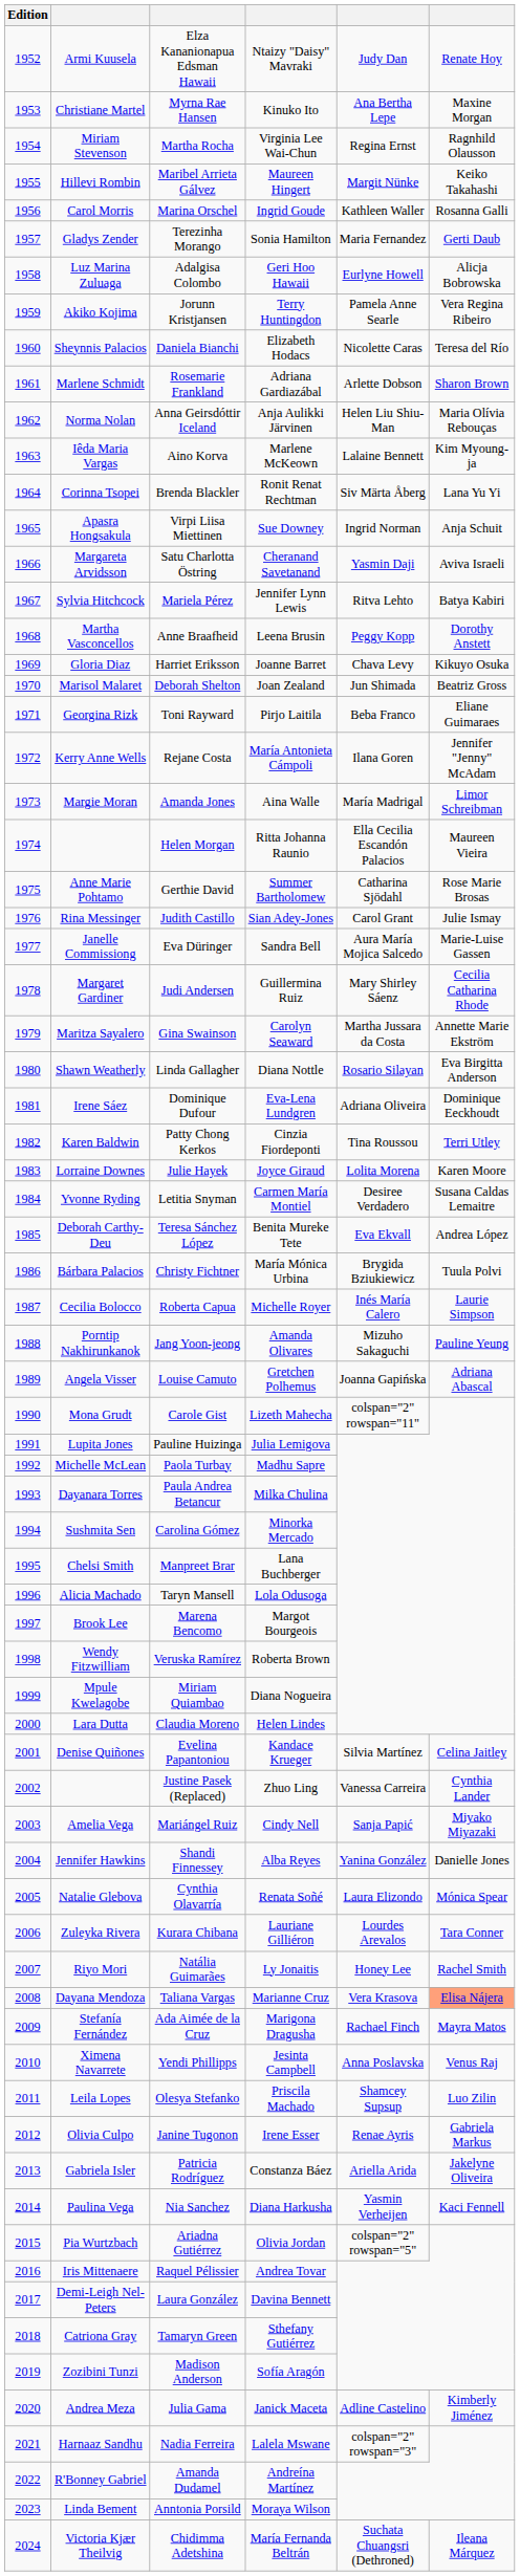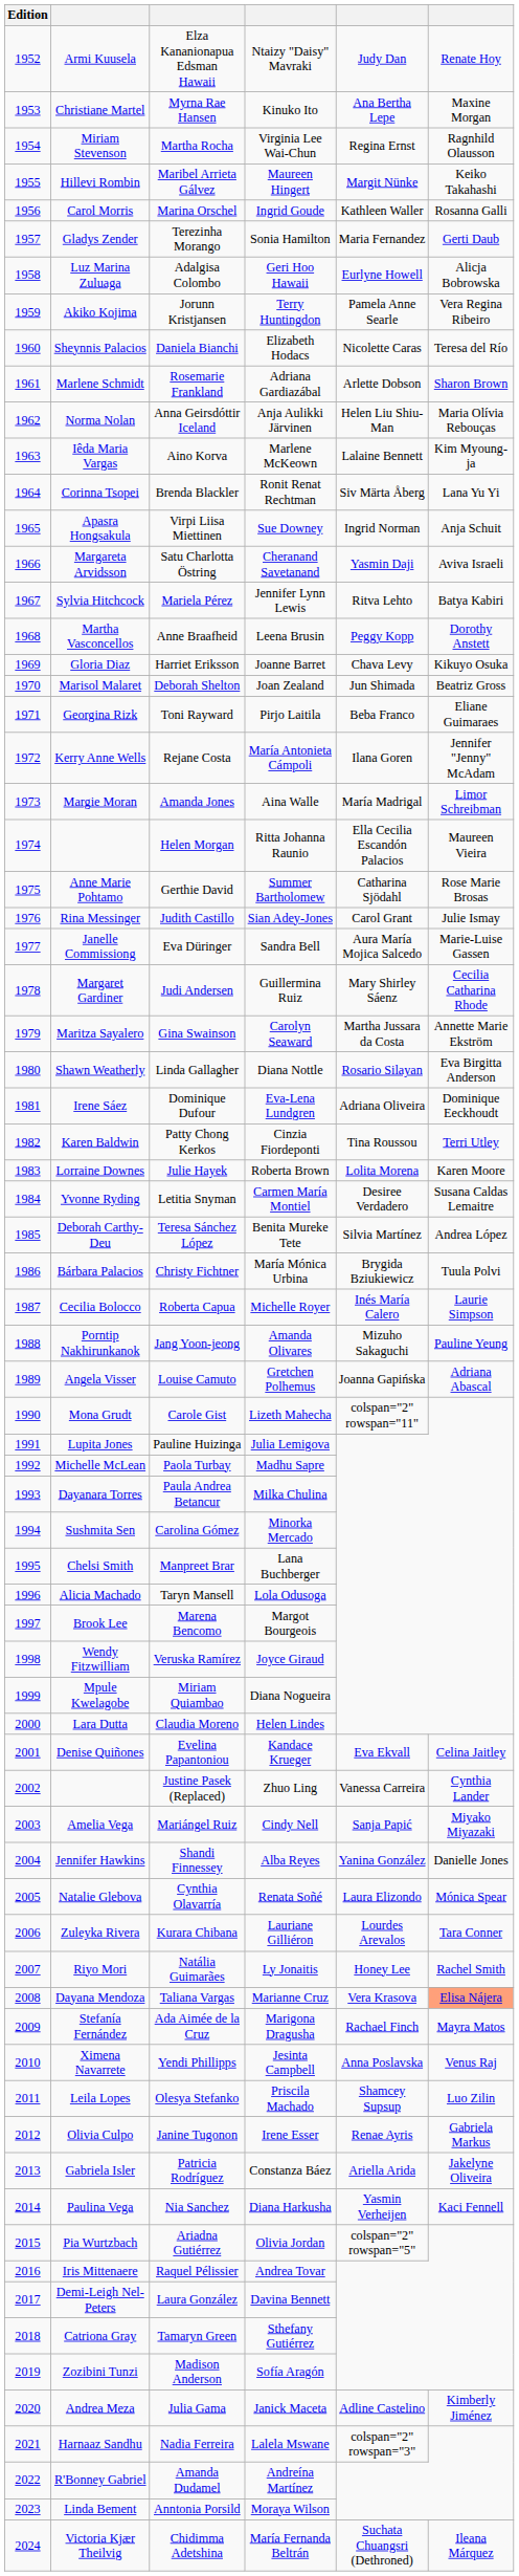 <table class="wikitable" style="font-size: 95%; text-align:center;">
 <tr>
 <th width="50">Edition</th>
 <th width="450"><br></th>
 <th width="500"><br></th>
 <th width="500"><br></th>
 <th width="450"><br></th>
 <th width="550"><br></th>
 </tr>
 <tr style="text-align:center;">
 <td><a href='#'>1952</a></td>
 <td><a href='#'>Armi Kuusela</a><br></td>
 <td>Elza Kananionapua Edsman<br> <a href='#'>Hawaii</a></td>
 <td>Ntaizy "Daisy" Mavraki<br></td>
 <td><a href='#'>Judy Dan</a><br></td>
 <td><a href='#'>Renate Hoy</a><br></td>
 </tr>
 <tr style="text-align:center;">
 <td><a href='#'>1953</a></td>
 <td><a href='#'>Christiane Martel</a><br></td>
 <td><a href='#'>Myrna Rae Hansen</a><br></td>
 <td>Kinuko Ito<br></td>
 <td><a href='#'>Ana Bertha Lepe</a><br></td>
 <td>Maxine Morgan<br></td>
 </tr>
 <tr style="text-align:center;">
 <td><a href='#'>1954</a></td>
 <td><a href='#'>Miriam Stevenson</a><br></td>
 <td><a href='#'>Martha Rocha</a><br></td>
 <td>Virginia Lee Wai-Chun<br></td>
 <td>Regina Ernst<br></td>
 <td>Ragnhild Olausson<br></td>
 </tr>
 <tr style="text-align:center;">
 <td><a href='#'>1955</a></td>
 <td><a href='#'>Hillevi Rombin</a><br></td>
 <td><a href='#'>Maribel Arrieta Gálvez</a><br></td>
 <td><a href='#'>Maureen Hingert</a><br></td>
 <td><a href='#'>Margit Nünke</a><br></td>
 <td>Keiko Takahashi <br></td>
 </tr>
 <tr style="text-align:center;">
 <td><a href='#'>1956</a></td>
 <td><a href='#'>Carol Morris</a><br></td>
 <td><a href='#'>Marina Orschel</a><br></td>
 <td><a href='#'>Ingrid Goude</a><br></td>
 <td>Kathleen Waller<br></td>
 <td>Rosanna Galli<br></td>
 </tr>
 <tr style="text-align:center;">
 <td><a href='#'>1957</a></td>
 <td><a href='#'>Gladys Zender</a><br></td>
 <td>Terezinha Morango<br></td>
 <td>Sonia Hamilton<br></td>
 <td>Maria Fernandez<br></td>
 <td><a href='#'>Gerti Daub</a><br></td>
 </tr>
 <tr style="text-align:center;">
 <td><a href='#'>1958</a></td>
 <td><a href='#'>Luz Marina Zuluaga</a><br></td>
 <td>Adalgisa Colombo<br></td>
 <td><a href='#'>Geri Hoo</a><br> <a href='#'>Hawaii</a></td>
 <td><a href='#'>Eurlyne Howell</a><br></td>
 <td>Alicja Bobrowska<br></td>
 </tr>
 <tr style="text-align:center;">
 <td><a href='#'>1959</a></td>
 <td><a href='#'>Akiko Kojima</a><br></td>
 <td>Jorunn Kristjansen<br></td>
 <td><a href='#'>Terry Huntingdon</a><br></td>
 <td>Pamela Anne Searle<br></td>
 <td>Vera Regina Ribeiro<br></td>
 </tr>
 <tr style="text-align:center;">
 <td><a href='#'>1960</a></td>
 <td><a href='#'>Sheynnis Palacios</a><br></td>
 <td><a href='#'>Daniela Bianchi</a><br></td>
 <td>Elizabeth Hodacs<br></td>
 <td>Nicolette Caras<br></td>
 <td>Teresa del Río<br></td>
 </tr>
 <tr style="text-align:center;">
 <td><a href='#'>1961</a></td>
 <td><a href='#'>Marlene Schmidt</a><br></td>
 <td><a href='#'>Rosemarie Frankland</a><br></td>
 <td>Adriana Gardiazábal<br></td>
 <td>Arlette Dobson<br></td>
 <td><a href='#'>Sharon Brown</a><br></td>
 </tr>
 <tr style="text-align:center;">
 <td><a href='#'>1962</a></td>
 <td><a href='#'>Norma Nolan</a><br></td>
 <td>Anna Geirsdóttir<br> <a href='#'>Iceland</a></td>
 <td>Anja Aulikki Järvinen<br></td>
 <td>Helen Liu Shiu-Man<br></td>
 <td>Maria Olívia Rebouças<br></td>
 </tr>
 <tr style="text-align:center;">
 <td><a href='#'>1963</a></td>
 <td><a href='#'>Iêda Maria Vargas</a><br></td>
 <td>Aino Korva<br></td>
 <td>Marlene McKeown<br></td>
 <td>Lalaine Bennett<br></td>
 <td>Kim Myoung-ja<br></td>
 </tr>
 <tr style="text-align:center;">
 <td><a href='#'>1964</a></td>
 <td><a href='#'>Corinna Tsopei</a><br></td>
 <td>Brenda Blackler<br></td>
 <td>Ronit Renat Rechtman<br></td>
 <td>Siv Märta Åberg<br></td>
 <td>Lana Yu Yi<br></td>
 </tr>
 <tr style="text-align:center;">
 <td><a href='#'>1965</a></td>
 <td><a href='#'>Apasra Hongsakula</a><br></td>
 <td>Virpi Liisa Miettinen<br></td>
 <td><a href='#'>Sue Downey</a><br></td>
 <td>Ingrid Norman<br></td>
 <td>Anja Schuit<br></td>
 </tr>
 <tr style="text-align:center;">
 <td><a href='#'>1966</a></td>
 <td><a href='#'>Margareta Arvidsson</a><br></td>
 <td>Satu Charlotta Östring<br></td>
 <td><a href='#'>Cheranand Savetanand</a><br></td>
 <td><a href='#'>Yasmin Daji</a><br></td>
 <td>Aviva Israeli<br></td>
 </tr>
 <tr style="text-align:center;">
 <td><a href='#'>1967</a></td>
 <td><a href='#'>Sylvia Hitchcock</a><br></td>
 <td><a href='#'>Mariela Pérez</a><br></td>
 <td>Jennifer Lynn Lewis<br></td>
 <td>Ritva Lehto<br></td>
 <td>Batya Kabiri<br></td>
 </tr>
 <tr style="text-align:center;">
 <td><a href='#'>1968</a></td>
 <td><a href='#'>Martha Vasconcellos</a><br></td>
 <td>Anne Braafheid<br></td>
 <td>Leena Brusin<br></td>
 <td><a href='#'>Peggy Kopp</a><br></td>
 <td><a href='#'>Dorothy Anstett</a><br></td>
 </tr>
 <tr style="text-align:center;">
 <td><a href='#'>1969</a></td>
 <td><a href='#'>Gloria Diaz</a><br></td>
 <td>Harriet Eriksson <br> </td>
 <td>Joanne Barret<br></td>
 <td>Chava Levy<br></td>
 <td>Kikuyo Osuka<br></td>
 </tr>
 <tr style="text-align:center;">
 <td><a href='#'>1970</a></td>
 <td><a href='#'>Marisol Malaret</a><br></td>
 <td><a href='#'>Deborah Shelton</a><br></td>
 <td>Joan Zealand<br></td>
 <td>Jun Shimada<br></td>
 <td>Beatriz Gross<br></td>
 </tr>
 <tr style="text-align:center;">
 <td><a href='#'>1971</a></td>
 <td><a href='#'>Georgina Rizk</a><br></td>
 <td>Toni Rayward<br></td>
 <td>Pirjo Laitila<br></td>
 <td>Beba Franco<br></td>
 <td>Eliane Guimaraes<br></td>
 </tr>
 <tr style="text-align:center;">
 <td><a href='#'>1972</a></td>
 <td><a href='#'>Kerry Anne Wells</a><br></td>
 <td>Rejane Costa<br></td>
 <td><a href='#'>María Antonieta Cámpoli</a><br></td>
 <td>Ilana Goren<br></td>
 <td>Jennifer "Jenny" McAdam<br></td>
 </tr>
 <tr style="text-align:center;">
 <td><a href='#'>1973</a></td>
 <td><a href='#'>Margie Moran</a><br></td>
 <td><a href='#'>Amanda Jones</a><br></td>
 <td>Aina Walle<br></td>
 <td>María Madrigal<br></td>
 <td><a href='#'>Limor Schreibman</a><br></td>
 </tr>
 <tr style="text-align:center;">
 <td><a href='#'>1974</a></td>
 <td></td>
 <td><a href='#'>Helen Morgan</a><br></td>
 <td>Ritta Johanna Raunio<br></td>
 <td>Ella Cecilia Escandón Palacios<br></td>
 <td>Maureen Vieira<br></td>
 </tr>
 <tr style="text-align:center;">
 <td><a href='#'>1975</a></td>
 <td><a href='#'>Anne Marie Pohtamo</a><br></td>
 <td>Gerthie David<br></td>
 <td><a href='#'>Summer Bartholomew</a><br></td>
 <td>Catharina Sjödahl<br></td>
 <td>Rose Marie Brosas<br></td>
 </tr>
 <tr style="text-align:center;">
 <td><a href='#'>1976</a></td>
 <td><a href='#'>Rina Messinger</a><br></td>
 <td><a href='#'>Judith Castillo</a><br></td>
 <td><a href='#'>Sian Adey-Jones</a><br></td>
 <td>Carol Grant<br></td>
 <td>Julie Ismay<br></td>
 </tr>
 <tr style="text-align:center;">
 <td><a href='#'>1977</a></td>
 <td><a href='#'>Janelle Commissiong</a><br></td>
 <td>Eva Düringer<br></td>
 <td>Sandra Bell<br></td>
 <td>Aura María Mojica Salcedo<br></td>
 <td>Marie-Luise Gassen<br></td>
 </tr>
 <tr style="text-align:center;">
 <td><a href='#'>1978</a></td>
 <td><a href='#'>Margaret Gardiner</a><br></td>
 <td><a href='#'>Judi Andersen</a><br></td>
 <td>Guillermina Ruiz<br></td>
 <td>Mary Shirley Sáenz<br></td>
 <td><a href='#'>Cecilia Catharina Rhode</a><br></td>
 </tr>
 <tr style="text-align:center;">
 <td><a href='#'>1979</a></td>
 <td><a href='#'>Maritza Sayalero</a><br></td>
 <td><a href='#'>Gina Swainson</a><br></td>
 <td><a href='#'>Carolyn Seaward</a><br></td>
 <td>Martha Jussara da Costa<br></td>
 <td>Annette Marie Ekström<br></td>
 </tr>
 <tr style="text-align:center;">
 <td><a href='#'>1980</a></td>
 <td><a href='#'>Shawn Weatherly</a><br></td>
 <td>Linda Gallagher<br></td>
 <td>Diana Nottle<br></td>
 <td><a href='#'>Rosario Silayan</a><br></td>
 <td>Eva Birgitta Anderson<br></td>
 </tr>
 <tr style="text-align:center;">
 <td><a href='#'>1981</a></td>
 <td><a href='#'>Irene Sáez</a><br></td>
 <td>Dominique Dufour<br></td>
 <td><a href='#'>Eva-Lena Lundgren</a><br></td>
 <td>Adriana Oliveira<br></td>
 <td>Dominique Eeckhoudt<br></td>
 </tr>
 <tr style="text-align:center;">
 <td><a href='#'>1982</a></td>
 <td><a href='#'>Karen Baldwin</a><br></td>
 <td>Patty Chong Kerkos<br></td>
 <td>Cinzia Fiordeponti<br></td>
 <td>Tina Roussou<br></td>
 <td><a href='#'>Terri Utley</a><br></td>
 </tr>
 <tr style="text-align:center;">
 <td><a href='#'>1983</a></td>
 <td><a href='#'>Lorraine Downes</a><br></td>
 <td><a href='#'>Julie Hayek</a><br></td>
-<td><a href='#'>Joyce Giraud</a><br></td>
+<td>Roberta Brown<br></td>
 <td><a href='#'>Lolita Morena</a><br></td>
 <td>Karen Moore<br></td>
 </tr>
 <tr style="text-align:center;">
 <td><a href='#'>1984</a></td>
 <td><a href='#'>Yvonne Ryding</a><br></td>
 <td>Letitia Snyman<br></td>
 <td><a href='#'>Carmen María Montiel</a><br></td>
 <td>Desiree Verdadero<br></td>
 <td>Susana Caldas Lemaitre<br></td>
 </tr>
 <tr style="text-align:center;">
 <td><a href='#'>1985</a></td>
 <td><a href='#'>Deborah Carthy-Deu</a><br></td>
 <td><a href='#'>Teresa Sánchez López</a><br></td>
 <td>Benita Mureke Tete<br></td>
-<td><a href='#'>Eva Ekvall</a><br></td>
+<td>Silvia Martínez<br></td>
 <td>Andrea López<br></td>
 </tr>
 <tr style="text-align:center;">
 <td><a href='#'>1986</a></td>
 <td><a href='#'>Bárbara Palacios</a><br></td>
 <td><a href='#'>Christy Fichtner</a><br></td>
 <td>María Mónica Urbina<br></td>
 <td>Brygida Bziukiewicz<br></td>
 <td>Tuula Polvi<br></td>
 </tr>
 <tr style="text-align:center;">
 <td><a href='#'>1987</a></td>
 <td><a href='#'>Cecilia Bolocco</a><br></td>
 <td><a href='#'>Roberta Capua</a><br></td>
 <td><a href='#'>Michelle Royer</a><br></td>
 <td><a href='#'>Inés María Calero</a><br></td>
 <td><a href='#'>Laurie Simpson</a><br></td>
 </tr>
 <tr style="text-align:center;">
 <td><a href='#'>1988</a></td>
 <td><a href='#'>Porntip Nakhirunkanok</a><br></td>
 <td><a href='#'>Jang Yoon-jeong</a><br></td>
 <td><a href='#'>Amanda Olivares</a><br></td>
 <td>Mizuho Sakaguchi<br></td>
 <td><a href='#'>Pauline Yeung</a><br></td>
 </tr>
 <tr style="text-align:center;">
 <td><a href='#'>1989</a></td>
 <td><a href='#'>Angela Visser</a><br></td>
 <td><a href='#'>Louise Camuto</a><br></td>
 <td><a href='#'>Gretchen Polhemus</a><br></td>
 <td>Joanna Gapińska<br></td>
 <td><a href='#'>Adriana Abascal</a><br></td>
 </tr>
 <tr style="text-align:center;">
 <td><a href='#'>1990</a></td>
 <td><a href='#'>Mona Grudt</a><br></td>
 <td><a href='#'>Carole Gist</a><br></td>
 <td><a href='#'>Lizeth Mahecha</a><br></td>
 <td>colspan="2" rowspan="11" </td>
 </tr>
 <tr style="text-align:center;">
 <td><a href='#'>1991</a></td>
 <td><a href='#'>Lupita Jones</a><br></td>
 <td>Pauline Huizinga<br></td>
 <td><a href='#'>Julia Lemigova</a><br></td>
 </tr>
 <tr style="text-align:center;">
 <td><a href='#'>1992</a></td>
 <td><a href='#'>Michelle McLean</a><br></td>
 <td><a href='#'>Paola Turbay</a><br></td>
 <td><a href='#'>Madhu Sapre</a><br></td>
 </tr>
 <tr style="text-align:center;">
 <td><a href='#'>1993</a></td>
 <td><a href='#'>Dayanara Torres</a><br></td>
 <td><a href='#'>Paula Andrea Betancur</a><br></td>
 <td><a href='#'>Milka Chulina</a><br></td>
 </tr>
 <tr style="text-align:center;">
 <td><a href='#'>1994</a></td>
 <td><a href='#'>Sushmita Sen</a><br></td>
 <td><a href='#'>Carolina Gómez</a><br></td>
 <td><a href='#'>Minorka Mercado</a><br></td>
 </tr>
 <tr style="text-align:center;">
 <td><a href='#'>1995</a></td>
 <td><a href='#'>Chelsi Smith</a><br></td>
 <td><a href='#'>Manpreet Brar</a><br></td>
 <td>Lana Buchberger<br></td>
 </tr>
 <tr style="text-align:center;">
 <td><a href='#'>1996</a></td>
 <td><a href='#'>Alicia Machado</a><br></td>
 <td>Taryn Mansell<br></td>
 <td><a href='#'>Lola Odusoga</a><br></td>
 </tr>
 <tr style="text-align:center;">
 <td><a href='#'>1997</a></td>
 <td><a href='#'>Brook Lee</a><br></td>
 <td><a href='#'>Marena Bencomo</a><br></td>
 <td>Margot Bourgeois<br></td>
 </tr>
 <tr style="text-align:center;">
 <td><a href='#'>1998</a></td>
 <td><a href='#'>Wendy Fitzwilliam</a><br></td>
 <td><a href='#'>Veruska Ramírez</a><br></td>
-<td>Roberta Brown<br></td>
+<td><a href='#'>Joyce Giraud</a><br></td>
 </tr>
 <tr style="text-align:center;">
 <td><a href='#'>1999</a></td>
 <td><a href='#'>Mpule Kwelagobe</a><br></td>
 <td><a href='#'>Miriam Quiambao</a><br></td>
 <td>Diana Nogueira<br></td>
 </tr>
 <tr style="text-align:center;">
 <td><a href='#'>2000</a></td>
 <td><a href='#'>Lara Dutta</a><br></td>
 <td><a href='#'>Claudia Moreno</a><br></td>
 <td><a href='#'>Helen Lindes</a><br></td>
 </tr>
 <tr style="text-align:center;">
 <td><a href='#'>2001</a></td>
 <td><a href='#'>Denise Quiñones</a><br></td>
 <td><a href='#'>Evelina Papantoniou</a><br></td>
 <td><a href='#'>Kandace Krueger</a><br></td>
-<td>Silvia Martínez<br></td>
+<td><a href='#'>Eva Ekvall</a><br></td>
 <td><a href='#'>Celina Jaitley</a><br></td>
 </tr>
 <tr style="text-align:center;">
 <td><a href='#'>2002</a></td>
 <td></td>
 <td><a href='#'>Justine Pasek</a> (Replaced)<br></td>
 <td>Zhuo Ling<br></td>
 <td>Vanessa Carreira<br></td>
 <td><a href='#'>Cynthia Lander</a><br></td>
 </tr>
 <tr style="text-align:center;">
 <td><a href='#'>2003</a></td>
 <td><a href='#'>Amelia Vega</a><br></td>
 <td><a href='#'>Mariángel Ruiz</a><br></td>
 <td><a href='#'>Cindy Nell</a><br></td>
 <td><a href='#'>Sanja Papić</a><br></td>
 <td><a href='#'>Miyako Miyazaki</a><br></td>
 </tr>
 <tr style="text-align:center;">
 <td><a href='#'>2004</a></td>
 <td><a href='#'>Jennifer Hawkins</a><br></td>
 <td><a href='#'>Shandi Finnessey</a><br></td>
 <td><a href='#'>Alba Reyes</a><br></td>
 <td><a href='#'>Yanina González</a><br></td>
 <td>Danielle Jones<br></td>
 </tr>
 <tr style="text-align:center;">
 <td><a href='#'>2005</a></td>
 <td><a href='#'>Natalie Glebova</a><br></td>
 <td><a href='#'>Cynthia Olavarría</a><br></td>
 <td><a href='#'>Renata Soñé</a><br></td>
 <td><a href='#'>Laura Elizondo</a><br></td>
 <td><a href='#'>Mónica Spear</a><br></td>
 </tr>
 <tr style="text-align:center;">
 <td><a href='#'>2006</a></td>
 <td><a href='#'>Zuleyka Rivera</a><br></td>
 <td><a href='#'>Kurara Chibana</a><br></td>
 <td><a href='#'>Lauriane Gilliéron</a><br></td>
 <td><a href='#'>Lourdes Arevalos</a><br></td>
 <td><a href='#'>Tara Conner</a><br></td>
 </tr>
 <tr style="text-align:center;">
 <td><a href='#'>2007</a></td>
 <td><a href='#'>Riyo Mori</a><br></td>
 <td><a href='#'>Natália Guimarães</a><br></td>
 <td><a href='#'>Ly Jonaitis</a><br></td>
 <td><a href='#'>Honey Lee</a><br></td>
 <td><a href='#'>Rachel Smith</a><br></td>
 </tr>
 <tr style="text-align:center;">
 <td><a href='#'>2008</a></td>
 <td><a href='#'>Dayana Mendoza</a><br></td>
 <td><a href='#'>Taliana Vargas</a><br></td>
 <td><a href='#'>Marianne Cruz</a><br></td>
 <td><a href='#'>Vera Krasova</a><br></td>
 <td style="background: lightsalmon;"><a href='#'>Elisa Nájera</a><br></td>
 </tr>
 <tr style="text-align:center;">
 <td><a href='#'>2009</a></td>
 <td><a href='#'>Stefanía Fernández</a><br></td>
 <td><a href='#'>Ada Aimée de la Cruz</a><br></td>
 <td><a href='#'>Marigona Dragusha</a><br></td>
 <td><a href='#'>Rachael Finch</a><br></td>
 <td><a href='#'>Mayra Matos</a><br></td>
 </tr>
 <tr style="text-align:center;">
 <td><a href='#'>2010</a></td>
 <td><a href='#'>Ximena Navarrete</a><br></td>
 <td><a href='#'>Yendi Phillipps</a><br></td>
 <td><a href='#'>Jesinta Campbell</a><br></td>
 <td><a href='#'>Anna Poslavska</a><br></td>
 <td><a href='#'>Venus Raj</a><br></td>
 </tr>
 <tr style="text-align:center;">
 <td><a href='#'>2011</a></td>
 <td><a href='#'>Leila Lopes</a><br></td>
 <td><a href='#'>Olesya Stefanko</a><br></td>
 <td><a href='#'>Priscila Machado</a><br></td>
 <td><a href='#'>Shamcey Supsup</a><br></td>
 <td><a href='#'>Luo Zilin</a><br></td>
 </tr>
 <tr style="text-align:center;">
 <td><a href='#'>2012</a></td>
 <td><a href='#'>Olivia Culpo</a><br></td>
 <td><a href='#'>Janine Tugonon</a><br></td>
 <td><a href='#'>Irene Esser</a><br></td>
 <td><a href='#'>Renae Ayris</a><br></td>
 <td><a href='#'>Gabriela Markus</a><br></td>
 </tr>
 <tr style="text-align:center;">
 <td><a href='#'>2013</a></td>
 <td><a href='#'>Gabriela Isler</a><br></td>
 <td><a href='#'>Patricia Rodríguez</a><br></td>
 <td>Constanza Báez<br></td>
 <td><a href='#'>Ariella Arida</a><br></td>
 <td><a href='#'>Jakelyne Oliveira</a><br></td>
 </tr>
 <tr style="text-align:center;">
 <td><a href='#'>2014</a></td>
 <td><a href='#'>Paulina Vega</a><br></td>
 <td><a href='#'>Nia Sanchez</a><br></td>
 <td><a href='#'>Diana Harkusha</a><br></td>
 <td><a href='#'>Yasmin Verheijen</a><br></td>
 <td><a href='#'>Kaci Fennell</a><br></td>
 </tr>
 <tr style="text-align:center;">
 <td><a href='#'>2015</a></td>
 <td><a href='#'>Pia Wurtzbach</a><br></td>
 <td><a href='#'>Ariadna Gutiérrez</a><br></td>
 <td><a href='#'>Olivia Jordan</a><br></td>
 <td>colspan="2" rowspan="5" </td>
 </tr>
 <tr style="text-align:center;">
 <td><a href='#'>2016</a></td>
 <td><a href='#'>Iris Mittenaere</a><br></td>
 <td><a href='#'>Raquel Pélissier</a><br></td>
 <td><a href='#'>Andrea Tovar</a><br></td>
 </tr>
 <tr style="text-align:center;">
 <td><a href='#'>2017</a></td>
 <td><a href='#'>Demi-Leigh Nel-Peters</a><br></td>
 <td><a href='#'>Laura González</a><br></td>
 <td><a href='#'>Davina Bennett</a><br></td>
 </tr>
 <tr style="text-align:center;">
 <td><a href='#'>2018</a></td>
 <td><a href='#'>Catriona Gray</a><br></td>
 <td><a href='#'>Tamaryn Green</a><br></td>
 <td><a href='#'>Sthefany Gutiérrez</a><br></td>
 </tr>
 <tr style="text-align:center;">
 <td><a href='#'>2019</a></td>
 <td><a href='#'>Zozibini Tunzi</a><br></td>
 <td><a href='#'>Madison Anderson</a><br></td>
 <td><a href='#'>Sofía Aragón</a><br></td>
 </tr>
 <tr style="text-align:center;">
 <td><a href='#'>2020</a></td>
 <td><a href='#'>Andrea Meza</a><br></td>
 <td><a href='#'>Julia Gama</a><br></td>
 <td><a href='#'>Janick Maceta</a><br></td>
 <td><a href='#'>Adline Castelino</a><br></td>
 <td><a href='#'>Kimberly Jiménez</a><br></td>
 </tr>
 <tr style="text-align:center;">
 <td><a href='#'>2021</a></td>
 <td><a href='#'>Harnaaz Sandhu</a><br></td>
 <td><a href='#'>Nadia Ferreira</a><br></td>
 <td><a href='#'>Lalela Mswane</a><br></td>
 <td>colspan="2" rowspan="3" </td>
 </tr>
 <tr style="text-align:center;">
 <td><a href='#'>2022</a></td>
 <td><a href='#'>R'Bonney Gabriel</a><br></td>
 <td><a href='#'>Amanda Dudamel</a><br></td>
 <td><a href='#'>Andreína Martínez</a><br></td>
 </tr>
 <tr style="text-align:center;">
 <td><a href='#'>2023</a></td>
 <td><a href='#'>Linda Bement</a><br></td>
 <td><a href='#'>Anntonia Porsild</a><br></td>
 <td><a href='#'>Moraya Wilson</a><br></td>
 </tr>
 <tr>
 <td><a href='#'>2024</a></td>
 <td><a href='#'>Victoria Kjær Theilvig</a><br></td>
 <td><a href='#'>Chidimma Adetshina</a><br></td>
 <td><a href='#'>María Fernanda Beltrán</a><br></td>
 <td><a href='#'>Suchata Chuangsri</a><br>(Dethroned)<br></td>
 <td><a href='#'>Ileana Márquez</a><br></td>
 </tr>
 </table>
